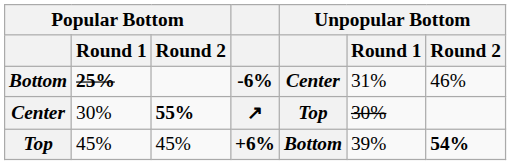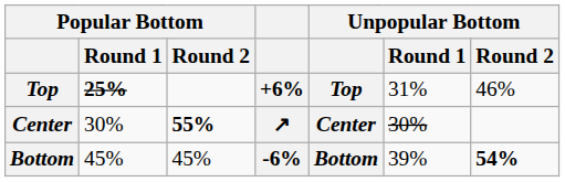 <table class="wikitable">
 <tr>
 <th colspan="3">Popular Bottom</th>
 <th></th>
 <th colspan="3">Unpopular Bottom</th>
 </tr>
 <tr>
 <th></th>
 <th>Round 1</th>
 <th>Round 2</th>
 <th></th>
 <th></th>
 <th>Round 1</th>
 <th>Round 2</th>
 </tr>
 <tr>
-<th><strong><em>Bottom</em></strong></th>
+<th><strong><em>Top</em></strong></th>
 <td><strong><s>25%</s> </strong></td>
 <td></td>
-<th>-6%</th>
-<th><strong><em>Center</em></strong></th>
+<th>+6%</th>
+<th><strong><em>Top</em></strong></th>
 <td>31%</td>
 <td>46%</td>
 </tr>
 <tr>
 <th><strong><em>Center</em></strong></th>
 <td>30%</td>
 <td><strong>55%</strong> </td>
 <th>↗</th>
-<th><strong><em>Top</em></strong></th>
+<th><strong><em>Center</em></strong></th>
 <td><s>30% </s></td>
 <td></td>
 </tr>
 <tr>
-<th><strong><em>Top</em></strong></th>
+<th><strong><em>Bottom</em></strong></th>
 <td>45%</td>
 <td>45%</td>
-<th>+6%</th>
+<th>-6%</th>
 <th><strong><em>Bottom</em></strong></th>
 <td>39%</td>
 <td><strong>54% </strong></td>
 </tr>
 </table>
